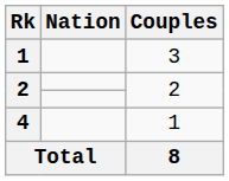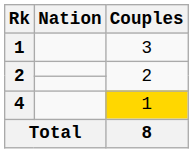 <table class="wikitable sortable" style="text-align: center;">
 <tr>
 <th>Rk</th>
 <th>Nation</th>
 <th>Couples</th>
 </tr>
 <tr>
 <th>1</th>
 <td></td>
 <td>3</td>
 </tr>
 <tr>
 <th rowspan="2">2</th>
 <td></td>
 <td rowspan="2">2</td>
 </tr>
 <tr>
 <td></td>
 </tr>
 <tr>
 <th>4</th>
 <td></td>
-<td>1</td>
+<td style="background: gold;">1</td>
 </tr>
 <tr class="sortbottom">
 <th colspan="2">Total</th>
 <th>8</th>
 </tr>
 </table>
